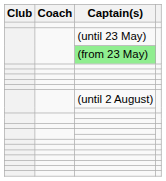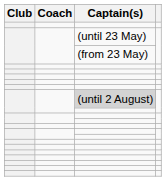 <table class="wikitable plainrowheaders sortable">
 <tr>
 <th scope="col">Club</th>
 <th scope="col">Coach</th>
 <th scope="col">Captain(s)</th>
 <th scope="col" class="unsortable"></th>
 </tr>
 <tr>
 <th scope="row"></th>
 <td></td>
 <td></td>
 <td align=center></td>
 </tr>
 <tr>
 <th scope="row" rowspan=2></th>
 <td rowspan=2></td>
 <td> (until 23 May)</td>
 <td rowspan=2 align=center></td>
 </tr>
 <tr>
-<td style="background: lightgreen;"> (from 23 May)</td>
+<td> (from 23 May)</td>
 </tr>
 <tr>
 <th scope="row"></th>
 <td></td>
 <td></td>
 <td align=center></td>
 </tr>
 <tr>
 <th scope="row"></th>
 <td></td>
 <td></td>
 <td align=center></td>
 </tr>
 <tr>
 <th scope="row"></th>
 <td></td>
 <td></td>
 <td align=center></td>
 </tr>
 <tr>
 <th scope="row"></th>
 <td></td>
 <td></td>
 <td align=center></td>
 </tr>
 <tr>
 <th scope="row"></th>
 <td></td>
 <td></td>
 <td align=center></td>
 </tr>
 <tr>
 <th scope="row" rowspan=2></th>
 <td rowspan=2></td>
-<td> (until 2 August)</td>
+<td style="background: lightgrey;"> (until 2 August)</td>
 <td rowspan=2 align=center></td>
 </tr>
 <tr>
 <td></td>
 </tr>
 <tr>
 <th scope="row" rowspan=2></th>
 <td rowspan=2></td>
 <td></td>
 <td rowspan=2 align=center></td>
 </tr>
 <tr>
 <td></td>
 </tr>
 <tr>
 <th scope="row"></th>
 <td></td>
 <td></td>
 <td align=center></td>
 </tr>
 <tr>
 <th scope="row" rowspan=2></th>
 <td rowspan=2></td>
 <td></td>
 <td rowspan=2 align=center></td>
 </tr>
 <tr>
 <td></td>
 </tr>
 <tr>
 <th scope="row"></th>
 <td></td>
 <td></td>
 <td align=center></td>
 </tr>
 <tr>
 <th scope="row"></th>
 <td></td>
 <td></td>
 <td align=center></td>
 </tr>
 <tr>
 <th scope="row"></th>
 <td></td>
 <td></td>
 <td align=center></td>
 </tr>
 <tr>
 <th scope="row"></th>
 <td></td>
 <td></td>
 <td align=center></td>
 </tr>
 <tr>
 <th scope="row"></th>
 <td></td>
 <td></td>
 <td align=center></td>
 </tr>
 <tr>
 <th scope="row"></th>
 <td></td>
 <td></td>
 <td align=center></td>
 </tr>
 <tr>
 <th scope="row"></th>
 <td></td>
 <td></td>
 <td align=center></td>
 </tr>
 </table>
